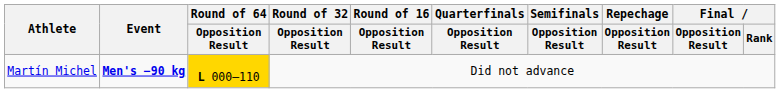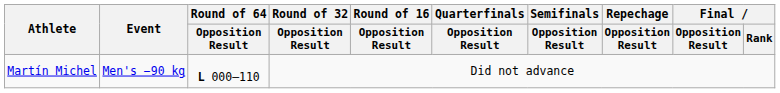 <table class="wikitable" style="font-size:90%">
 <tr>
 <th rowspan="2">Athlete</th>
 <th rowspan="2">Event</th>
 <th>Round of 64</th>
 <th>Round of 32</th>
 <th>Round of 16</th>
 <th>Quarterfinals</th>
 <th>Semifinals</th>
 <th>Repechage</th>
 <th colspan=2>Final / </th>
 </tr>
 <tr style="font-size:95%">
 <th>Opposition<br>Result</th>
 <th>Opposition<br>Result</th>
 <th>Opposition<br>Result</th>
 <th>Opposition<br>Result</th>
 <th>Opposition<br>Result</th>
 <th>Opposition<br>Result</th>
 <th>Opposition<br>Result</th>
 <th>Rank</th>
 </tr>
 <tr align=center>
 <td align=left><a href='#'>Martín Michel</a></td>
-<td align=left><strong><a href='#'>Men's −90 kg</a></strong></td>
-<td style="background: gold;"><br><strong>L</strong> 000–110</td>
+<td align=left><a href='#'>Men's −90 kg</a></td>
+<td><br><strong>L</strong> 000–110</td>
 <td colspan=7>Did not advance</td>
 </tr>
 </table>
